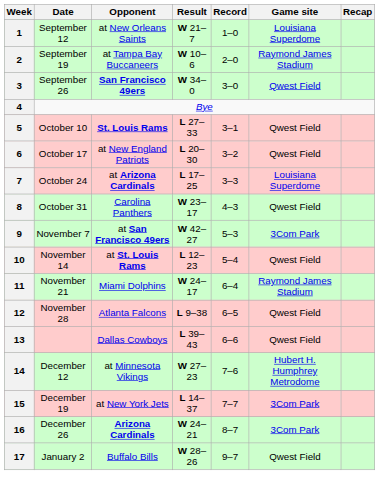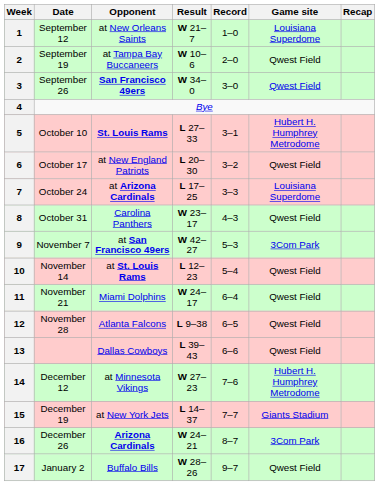 <table class="wikitable" style="text-align:center">
 <tr>
 <th>Week</th>
 <th>Date</th>
 <th>Opponent</th>
 <th>Result</th>
 <th>Record</th>
 <th>Game site</th>
 <th>Recap</th>
 </tr>
 <tr style="background:#cfc">
 <th>1</th>
 <td>September 12</td>
 <td>at <a href='#'>New Orleans Saints</a></td>
 <td><strong>W</strong> 21–7</td>
 <td>1–0</td>
 <td><a href='#'>Louisiana Superdome</a></td>
 <td></td>
 </tr>
 <tr style="background:#cfc">
 <th>2</th>
 <td>September 19</td>
 <td>at <a href='#'>Tampa Bay Buccaneers</a></td>
 <td><strong>W</strong> 10–6</td>
 <td>2–0</td>
-<td><a href='#'>Raymond James Stadium</a></td>
+<td>Qwest Field</td>
 <td></td>
 </tr>
 <tr style="background:#cfc">
 <th>3</th>
 <td>September 26</td>
 <td><strong><a href='#'>San Francisco 49ers</a></strong></td>
 <td><strong>W</strong> 34–0</td>
 <td>3–0</td>
 <td><a href='#'>Qwest Field</a></td>
 <td></td>
 </tr>
 <tr>
 <th>4</th>
 <td colspan="6"><em><a href='#'>Bye</a></em></td>
 </tr>
 <tr style="background:#fcc">
 <th>5</th>
 <td>October 10</td>
 <td><strong><a href='#'>St. Louis Rams</a></strong></td>
 <td><strong>L</strong> 27–33 </td>
 <td>3–1</td>
-<td>Qwest Field</td>
+<td><a href='#'>Hubert H. Humphrey Metrodome</a></td>
 <td></td>
 </tr>
 <tr style="background:#fcc">
 <th>6</th>
 <td>October 17</td>
 <td>at <a href='#'>New England Patriots</a></td>
 <td><strong>L</strong> 20–30</td>
 <td>3–2</td>
 <td>Qwest Field</td>
 <td></td>
 </tr>
 <tr style="background:#fcc">
 <th>7</th>
 <td>October 24</td>
 <td>at <strong><a href='#'>Arizona Cardinals</a></strong></td>
 <td><strong>L</strong> 17–25</td>
 <td>3–3</td>
 <td><a href='#'>Louisiana Superdome</a></td>
 <td></td>
 </tr>
 <tr style="background:#cfc">
 <th>8</th>
 <td>October 31</td>
 <td><a href='#'>Carolina Panthers</a></td>
 <td><strong>W</strong> 23–17</td>
 <td>4–3</td>
 <td>Qwest Field</td>
 <td></td>
 </tr>
 <tr style="background:#cfc">
 <th>9</th>
 <td>November 7</td>
 <td>at <strong><a href='#'>San Francisco 49ers</a></strong></td>
 <td><strong>W</strong> 42–27</td>
 <td>5–3</td>
 <td><a href='#'>3Com Park</a></td>
 <td></td>
 </tr>
 <tr style="background:#fcc">
 <th>10</th>
 <td>November 14</td>
 <td>at <strong><a href='#'>St. Louis Rams</a></strong></td>
 <td><strong>L</strong> 12–23</td>
 <td>5–4</td>
 <td>Qwest Field</td>
 <td></td>
 </tr>
 <tr style="background:#cfc">
 <th>11</th>
 <td>November 21</td>
 <td><a href='#'>Miami Dolphins</a></td>
 <td><strong>W</strong> 24–17</td>
 <td>6–4</td>
-<td><a href='#'>Raymond James Stadium</a></td>
+<td>Qwest Field</td>
 <td></td>
 </tr>
 <tr style="background:#fcc">
 <th>12</th>
 <td>November 28</td>
 <td><a href='#'>Atlanta Falcons</a></td>
 <td><strong>L</strong> 9–38</td>
 <td>6–5</td>
 <td>Qwest Field</td>
 <td></td>
 </tr>
 <tr style="background:#fcc">
 <th>13</th>
 <td></td>
 <td><a href='#'>Dallas Cowboys</a></td>
 <td><strong>L</strong> 39–43</td>
 <td>6–6</td>
 <td>Qwest Field</td>
 <td></td>
 </tr>
 <tr style="background:#cfc">
 <th>14</th>
 <td>December 12</td>
 <td>at <a href='#'>Minnesota Vikings</a></td>
 <td><strong>W</strong> 27–23</td>
 <td>7–6</td>
 <td><a href='#'>Hubert H. Humphrey Metrodome</a></td>
 <td></td>
 </tr>
 <tr style="background:#fcc">
 <th>15</th>
 <td>December 19</td>
 <td>at <a href='#'>New York Jets</a></td>
 <td><strong>L</strong> 14–37</td>
 <td>7–7</td>
-<td><a href='#'>3Com Park</a></td>
+<td><a href='#'>Giants Stadium</a></td>
 <td></td>
 </tr>
 <tr style="background:#cfc">
 <th>16</th>
 <td>December 26</td>
 <td><strong><a href='#'>Arizona Cardinals</a></strong></td>
 <td><strong>W</strong> 24–21</td>
 <td>8–7</td>
 <td><a href='#'>3Com Park</a></td>
 <td></td>
 </tr>
 <tr style="background:#cfc">
 <th>17</th>
 <td>January 2</td>
 <td><a href='#'>Buffalo Bills</a></td>
 <td><strong>W</strong> 28–26</td>
 <td>9–7</td>
 <td>Qwest Field</td>
 <td></td>
 </tr>
 </table>
